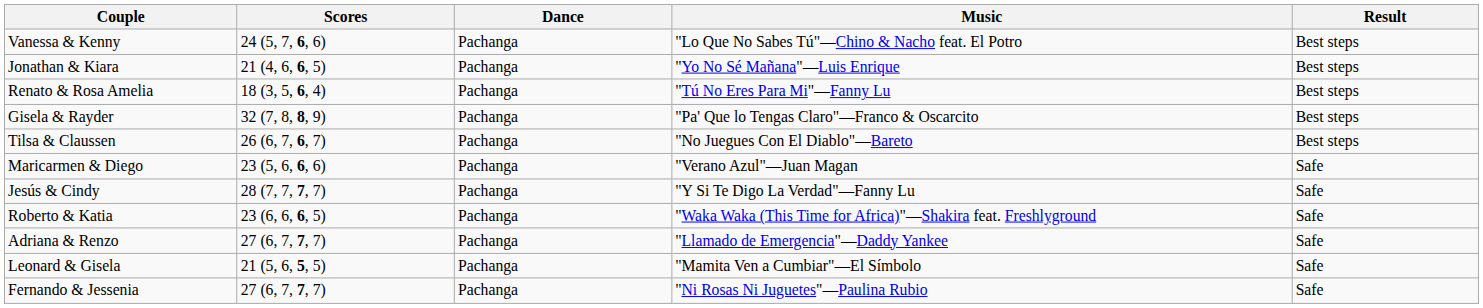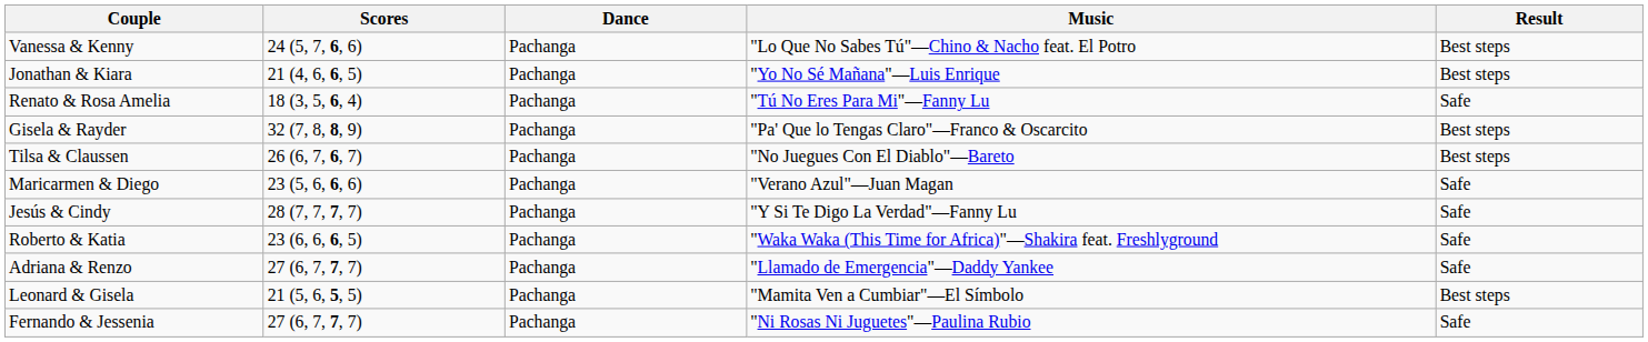 <table class="wikitable sortable" style="width:95%; white-space:nowrap;">
 <tr>
 <th style="width:15%;">Couple</th>
 <th style="width:14%;">Scores</th>
 <th style="width:14%;">Dance</th>
 <th style="width:40%;">Music</th>
 <th style="width:12%;">Result</th>
 </tr>
 <tr>
 <td>Vanessa & Kenny</td>
 <td>24 (5, 7, <strong>6</strong>, 6)</td>
 <td>Pachanga</td>
 <td>"Lo Que No Sabes Tú"—<a href='#'>Chino & Nacho</a> feat. El Potro</td>
 <td>Best steps</td>
 </tr>
 <tr>
 <td>Jonathan & Kiara</td>
 <td>21 (4, 6, <strong>6</strong>, 5)</td>
 <td>Pachanga</td>
 <td>"<a href='#'>Yo No Sé Mañana</a>"—<a href='#'>Luis Enrique</a></td>
 <td>Best steps</td>
 </tr>
 <tr>
 <td>Renato & Rosa Amelia</td>
 <td>18 (3, 5, <strong>6</strong>, 4)</td>
 <td>Pachanga</td>
 <td>"<a href='#'>Tú No Eres Para Mi</a>"—<a href='#'>Fanny Lu</a></td>
-<td>Best steps</td>
+<td>Safe</td>
 </tr>
 <tr>
 <td>Gisela & Rayder</td>
 <td>32 (7, 8, <strong>8</strong>, 9)</td>
 <td>Pachanga</td>
 <td>"Pa' Que lo Tengas Claro"—Franco & Oscarcito</td>
 <td>Best steps</td>
 </tr>
 <tr>
 <td>Tilsa & Claussen</td>
 <td>26 (6, 7, <strong>6</strong>, 7)</td>
 <td>Pachanga</td>
 <td>"No Juegues Con El Diablo"—<a href='#'>Bareto</a></td>
 <td>Best steps</td>
 </tr>
 <tr>
 <td>Maricarmen & Diego</td>
 <td>23 (5, 6, <strong>6</strong>, 6)</td>
 <td>Pachanga</td>
 <td>"Verano Azul"—Juan Magan</td>
 <td>Safe</td>
 </tr>
 <tr>
 <td>Jesús & Cindy</td>
 <td>28 (7, 7, <strong>7</strong>, 7)</td>
 <td>Pachanga</td>
 <td>"Y Si Te Digo La Verdad"—Fanny Lu</td>
 <td>Safe</td>
 </tr>
 <tr>
 <td>Roberto & Katia</td>
 <td>23 (6, 6, <strong>6</strong>, 5)</td>
 <td>Pachanga</td>
 <td>"<a href='#'>Waka Waka (This Time for Africa)</a>"—<a href='#'>Shakira</a> feat. <a href='#'>Freshlyground</a></td>
 <td>Safe</td>
 </tr>
 <tr>
 <td>Adriana & Renzo</td>
 <td>27 (6, 7, <strong>7</strong>, 7)</td>
 <td>Pachanga</td>
 <td>"<a href='#'>Llamado de Emergencia</a>"—<a href='#'>Daddy Yankee</a></td>
 <td>Safe</td>
 </tr>
 <tr>
 <td>Leonard & Gisela</td>
 <td>21 (5, 6, <strong>5</strong>, 5)</td>
 <td>Pachanga</td>
 <td>"Mamita Ven a Cumbiar"—El Símbolo</td>
-<td>Safe</td>
+<td>Best steps</td>
 </tr>
 <tr>
 <td>Fernando & Jessenia</td>
 <td>27 (6, 7, <strong>7</strong>, 7)</td>
 <td>Pachanga</td>
 <td>"<a href='#'>Ni Rosas Ni Juguetes</a>"—<a href='#'>Paulina Rubio</a></td>
 <td>Safe</td>
 </tr>
 </table>
